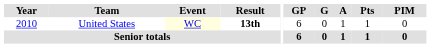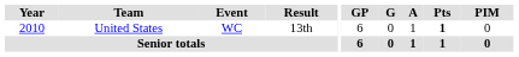 <table border="0" cellpadding="1" cellspacing="0" ID="Table3" style="text-align:center; width:40em">
 <tr ALIGN="center" bgcolor="#e0e0e0">
 <th>Year</th>
 <th>Team</th>
 <th>Event</th>
 <th>Result</th>
 <th rowspan="99" bgcolor="#ffffff"></th>
 <th>GP</th>
 <th>G</th>
 <th>A</th>
 <th>Pts</th>
 <th>PIM</th>
 </tr>
 <tr>
 <td><a href='#'>2010</a></td>
 <td><a href='#'>United States</a></td>
-<td style="background: lightyellow;"><a href='#'>WC</a></td>
-<td><strong>13th</strong></td>
+<td><a href='#'>WC</a></td>
+<td>13th</td>
 <td>6</td>
 <td>0</td>
 <td>1</td>
-<td>1</td>
+<td><strong>1</strong></td>
 <td>0</td>
 </tr>
 <tr bgcolor="#e0e0e0">
 <th colspan=4>Senior totals</th>
 <th>6</th>
 <th>0</th>
 <th>1</th>
 <th>1</th>
 <th>0</th>
 </tr>
 </table>
